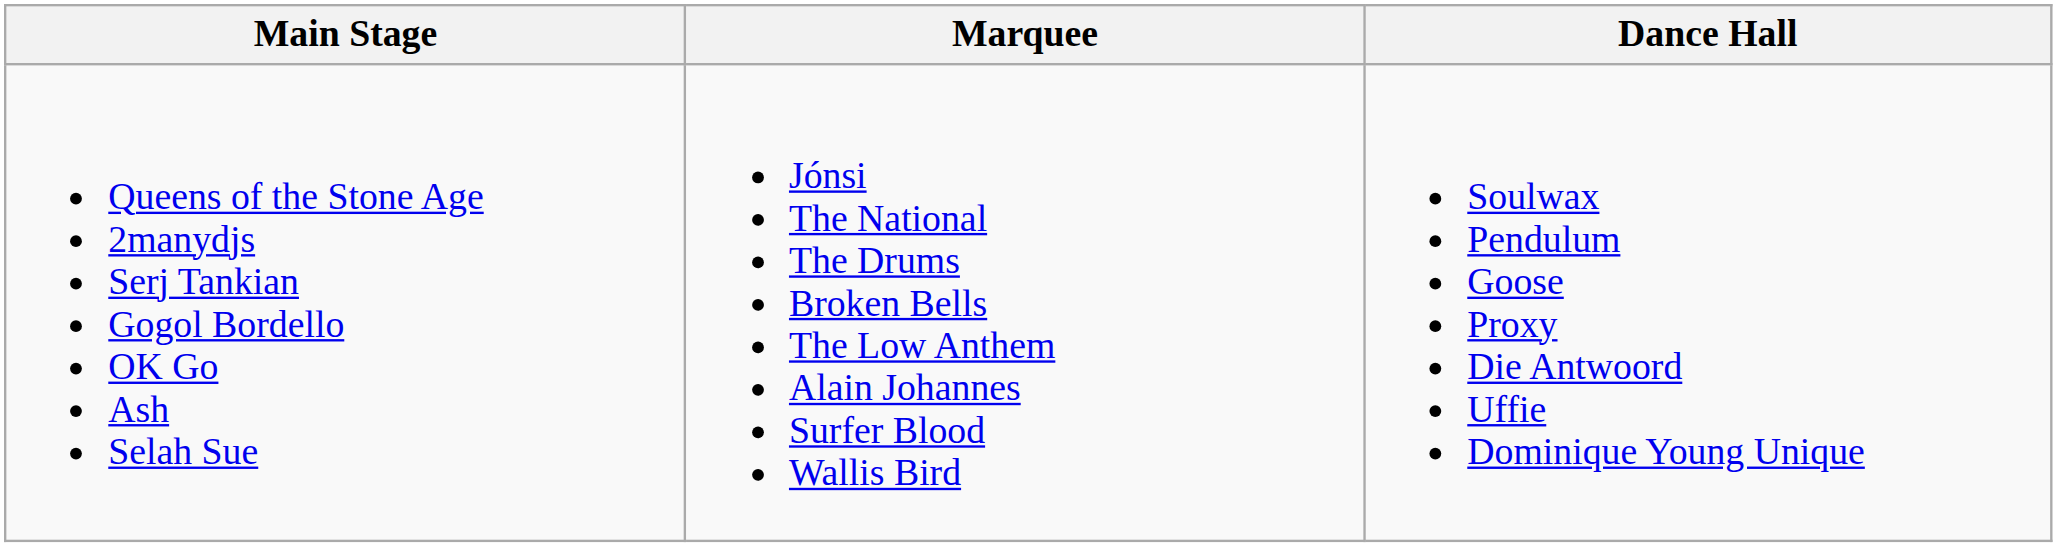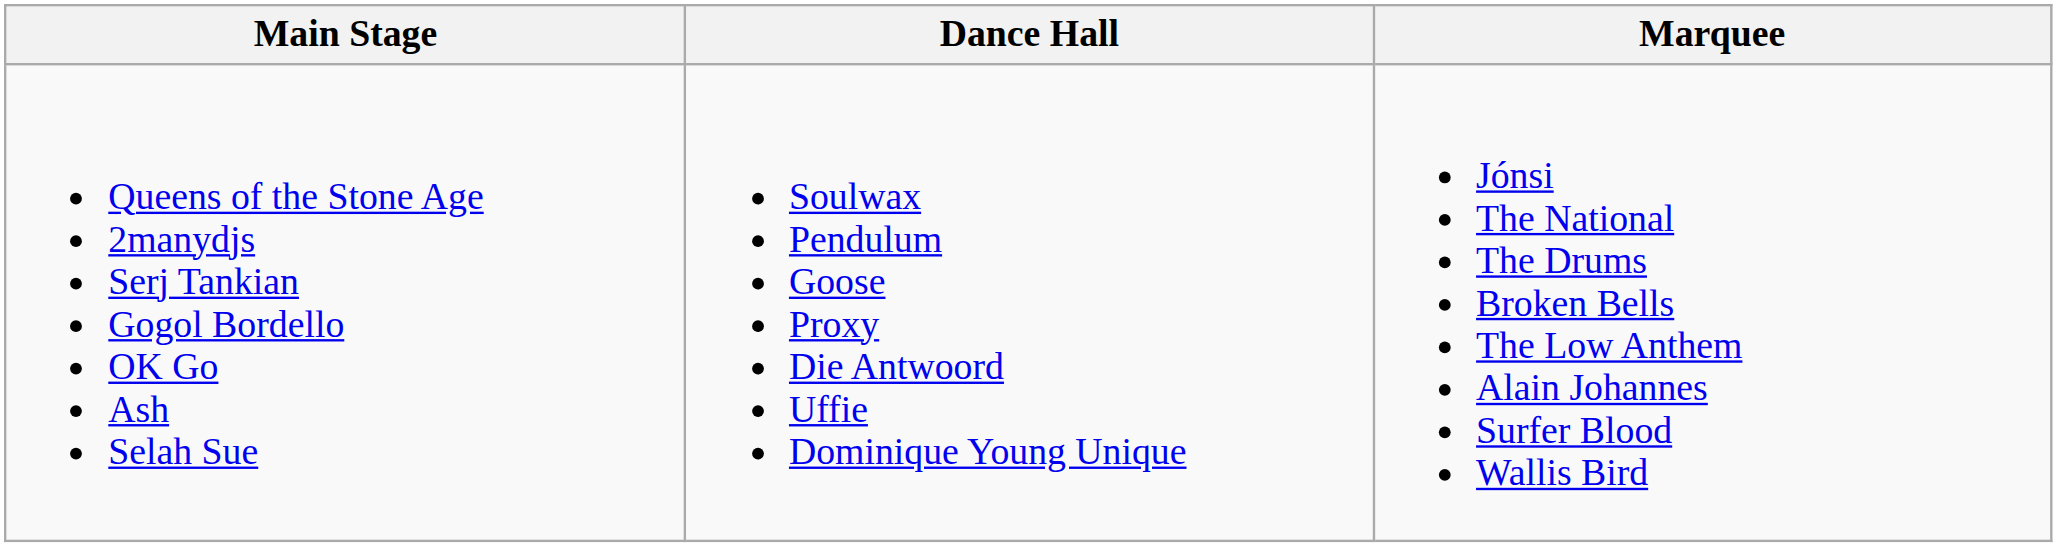 <table class="wikitable">
 <tr>
 <th width="350" rowspan="1">Main Stage</th>
+<th width="350" rowspan="1">Dance Hall</th>
 <th width="350" rowspan="1">Marquee</th>
-<th width="350" rowspan="1">Dance Hall</th>
 </tr>
 <tr>
 <td><br><ul><li><a href='#'>Queens of the Stone Age</a></li><li><a href='#'>2manydjs</a></li><li><a href='#'>Serj Tankian</a></li><li><a href='#'>Gogol Bordello</a></li><li><a href='#'>OK Go</a></li><li><a href='#'>Ash</a></li><li><a href='#'>Selah Sue</a></li></ul></td>
+<td><br><ul><li><a href='#'>Soulwax</a></li><li><a href='#'>Pendulum</a></li><li><a href='#'>Goose</a></li><li><a href='#'>Proxy</a></li><li><a href='#'>Die Antwoord</a></li><li><a href='#'>Uffie</a></li><li><a href='#'>Dominique Young Unique</a></li></ul></td>
 <td><br><ul><li><a href='#'>Jónsi</a></li><li><a href='#'>The National</a></li><li><a href='#'>The Drums</a></li><li><a href='#'>Broken Bells</a></li><li><a href='#'>The Low Anthem</a></li><li><a href='#'>Alain Johannes</a></li><li><a href='#'>Surfer Blood</a></li><li><a href='#'>Wallis Bird</a></li></ul></td>
-<td><br><ul><li><a href='#'>Soulwax</a></li><li><a href='#'>Pendulum</a></li><li><a href='#'>Goose</a></li><li><a href='#'>Proxy</a></li><li><a href='#'>Die Antwoord</a></li><li><a href='#'>Uffie</a></li><li><a href='#'>Dominique Young Unique</a></li></ul></td>
 </tr>
 </table>
